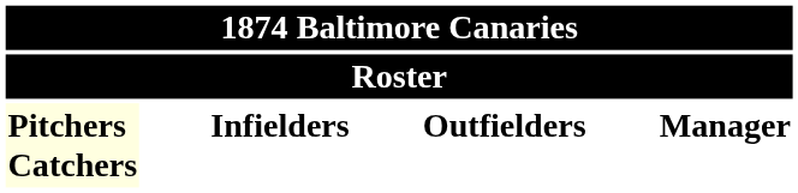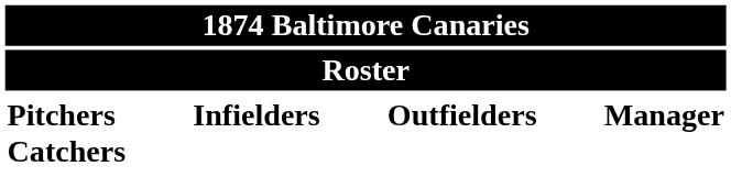 <table class="toccolours" style="font-size: 95%;">
 <tr>
 <th colspan="10" style="background-color: black; color:white; text-align: center;">1874 Baltimore Canaries</th>
 </tr>
 <tr>
 <td colspan="10" style="background-color:black; color: white; text-align: center;"><strong>Roster</strong></td>
 </tr>
 <tr>
-<td valign="top" style="background: lightyellow;"><strong>Pitchers</strong><br> <strong>Catchers</strong>  </td>
+<td valign="top"><strong>Pitchers</strong><br> <strong>Catchers</strong>  </td>
 <td width="25px"></td>
 <td valign="top"><strong>Infielders</strong><br>            </td>
 <td width="25px"></td>
 <td valign="top"><strong>Outfielders</strong><br>      </td>
 <td width="25px"></td>
 <td valign="top"><strong>Manager</strong><br></td>
 </tr>
 </table>
